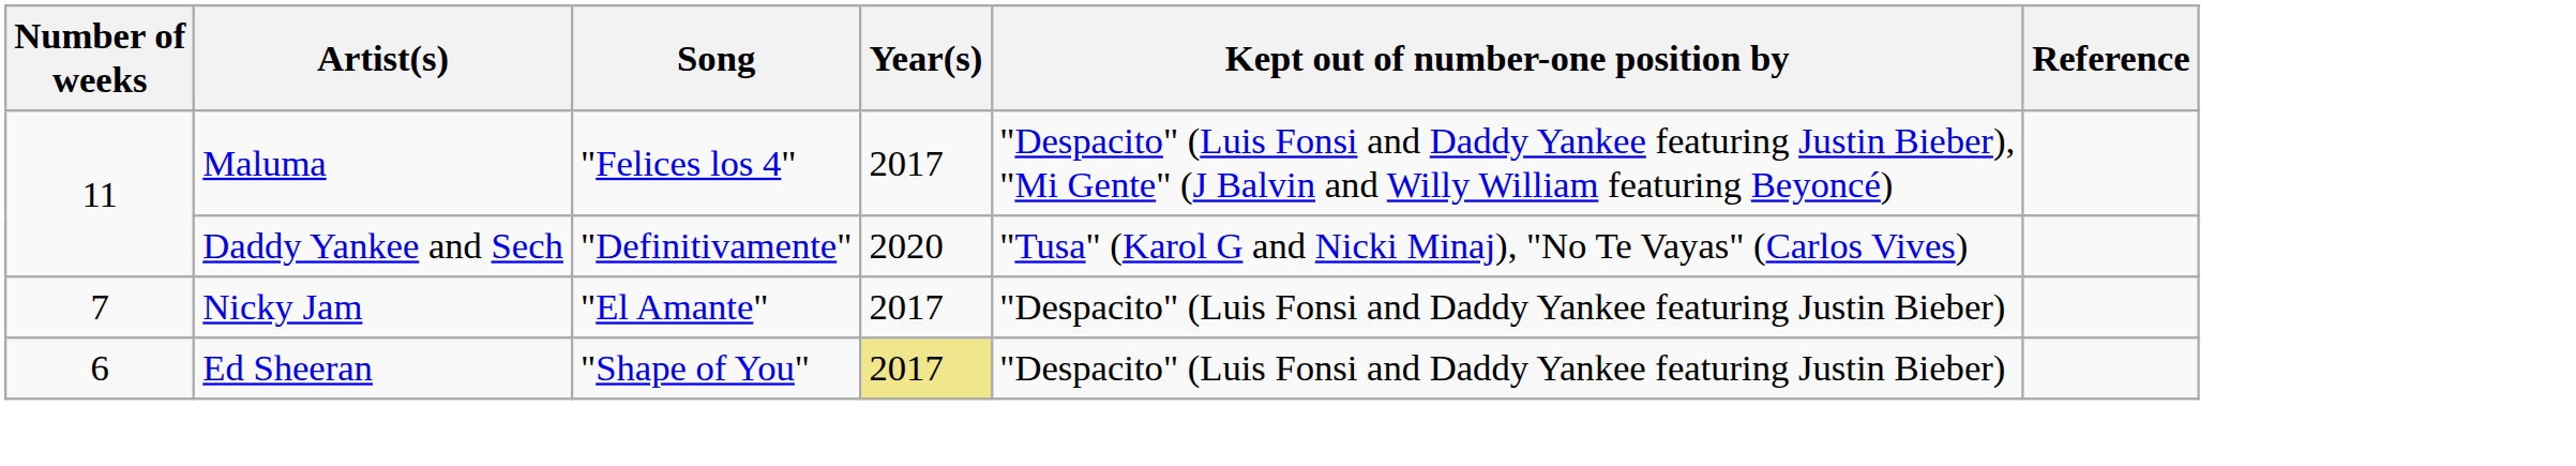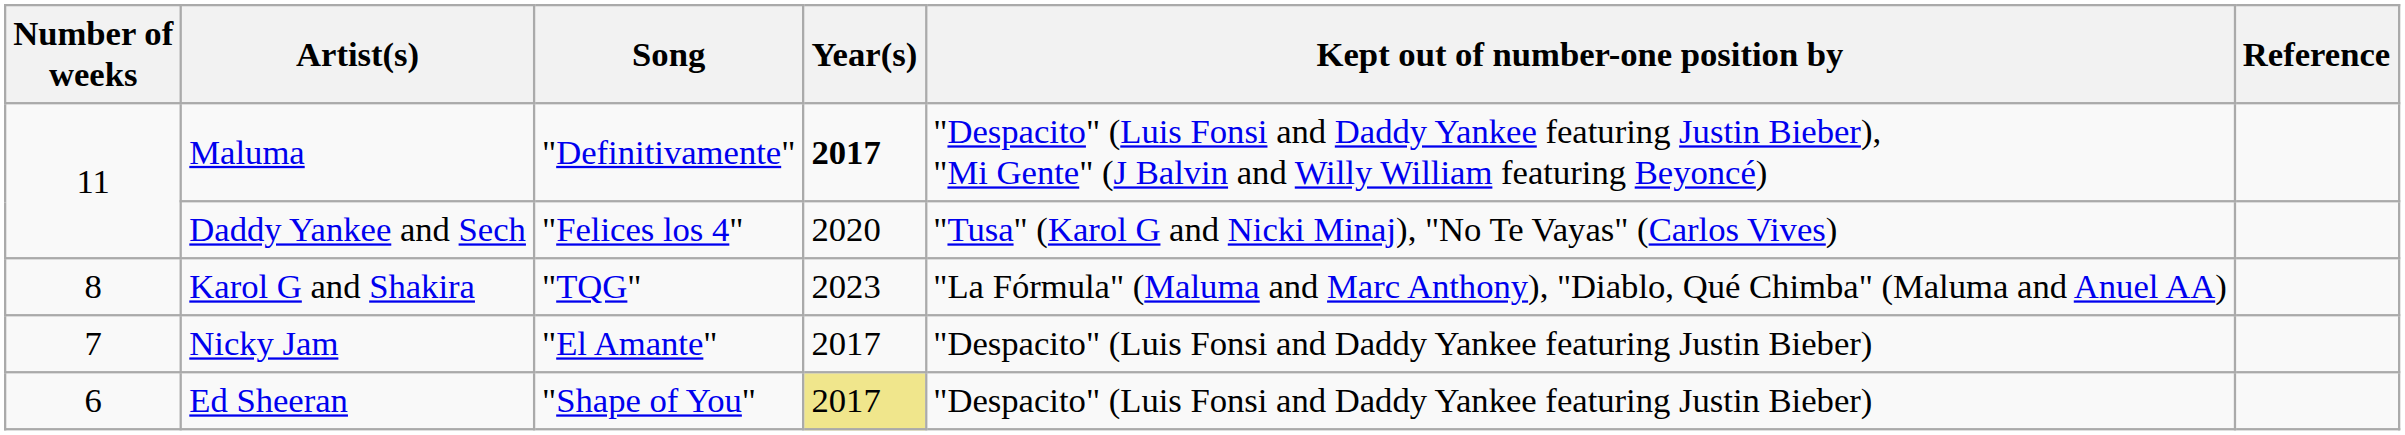 <table class="wikitable" style="font-size:95%;">
 <tr>
 <th>Number of <br> weeks</th>
 <th>Artist(s)</th>
 <th>Song</th>
 <th>Year(s)</th>
 <th>Kept out of number-one position by</th>
 <th>Reference</th>
 </tr>
 <tr>
 <td rowspan="2" style="text-align:center;">11</td>
 <td><a href='#'>Maluma</a></td>
-<td>"<a href='#'>Felices los 4</a>"</td>
-<td>2017</td>
+<td>"<a href='#'>Definitivamente</a>"</td>
+<td><strong>2017</strong></td>
 <td>"<a href='#'>Despacito</a>" (<a href='#'>Luis Fonsi</a> and <a href='#'>Daddy Yankee</a> featuring <a href='#'>Justin Bieber</a>),<br>"<a href='#'>Mi Gente</a>" (<a href='#'>J Balvin</a> and <a href='#'>Willy William</a> featuring <a href='#'>Beyoncé</a>)</td>
 <td align="center"></td>
 </tr>
 <tr>
 <td><a href='#'>Daddy Yankee</a> and <a href='#'>Sech</a></td>
-<td>"<a href='#'>Definitivamente</a>"</td>
+<td>"<a href='#'>Felices los 4</a>"</td>
 <td>2020</td>
 <td>"<a href='#'>Tusa</a>" (<a href='#'>Karol G</a> and <a href='#'>Nicki Minaj</a>), "No Te Vayas" (<a href='#'>Carlos Vives</a>)</td>
+<td align="center"></td>
+</tr>
+<tr>
+<td style="text-align:center;">8</td>
+<td><a href='#'>Karol G</a> and <a href='#'>Shakira</a></td>
+<td>"<a href='#'>TQG</a>"</td>
+<td>2023</td>
+<td>"La Fórmula" (<a href='#'>Maluma</a> and <a href='#'>Marc Anthony</a>), "Diablo, Qué Chimba" (Maluma and <a href='#'>Anuel AA</a>)</td>
 <td align="center"></td>
 </tr>
 <tr>
 <td style="text-align:center;">7</td>
 <td><a href='#'>Nicky Jam</a></td>
 <td>"<a href='#'>El Amante</a>"</td>
 <td>2017</td>
 <td>"Despacito" (Luis Fonsi and Daddy Yankee featuring Justin Bieber)</td>
 <td align="center"></td>
 </tr>
 <tr>
 <td style="text-align:center;">6</td>
 <td><a href='#'>Ed Sheeran</a></td>
 <td>"<a href='#'>Shape of You</a>"</td>
 <td style="background: khaki;">2017</td>
 <td>"Despacito" (Luis Fonsi and Daddy Yankee featuring Justin Bieber)</td>
 <td align="center"></td>
 </tr>
 </table>
